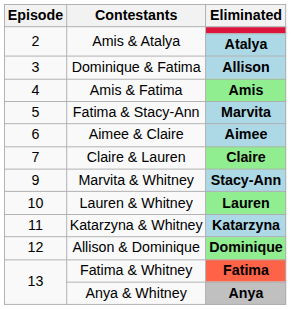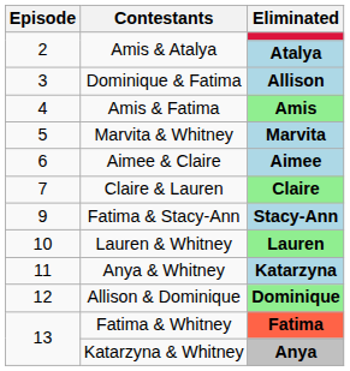 <table class="wikitable" style="text-align:center;">
 <tr>
 <th>Episode</th>
 <th>Contestants</th>
 <th>Eliminated</th>
 </tr>
 <tr>
 <td rowspan="2">2</td>
 <td rowspan="2">Amis & Atalya</td>
 <td style="background:crimson"><strong></strong></td>
 </tr>
 <tr>
 <td style="background:lightblue"><strong>Atalya</strong></td>
 </tr>
 <tr>
 <td>3</td>
 <td>Dominique & Fatima</td>
 <td style="background:lightblue"><strong>Allison</strong></td>
 </tr>
 <tr>
 <td>4</td>
 <td>Amis & Fatima</td>
 <td style="background:lightgreen"><strong>Amis</strong></td>
 </tr>
 <tr>
 <td>5</td>
-<td>Fatima & Stacy-Ann</td>
+<td>Marvita & Whitney</td>
 <td style="background:lightblue"><strong>Marvita</strong></td>
 </tr>
 <tr>
 <td>6</td>
 <td>Aimee & Claire</td>
 <td style="background:lightblue"><strong>Aimee</strong></td>
 </tr>
 <tr>
 <td>7</td>
 <td>Claire & Lauren</td>
 <td style="background:lightgreen"><strong>Claire</strong></td>
 </tr>
 <tr>
 <td>9</td>
-<td>Marvita & Whitney</td>
+<td>Fatima & Stacy-Ann</td>
 <td style="background:lightblue"><strong>Stacy-Ann</strong></td>
 </tr>
 <tr>
 <td>10</td>
 <td>Lauren & Whitney</td>
 <td style="background:lightgreen"><strong>Lauren</strong></td>
 </tr>
 <tr>
 <td>11</td>
-<td>Katarzyna & Whitney</td>
+<td>Anya & Whitney</td>
 <td style="background:lightblue"><strong>Katarzyna</strong></td>
 </tr>
 <tr>
 <td>12</td>
 <td>Allison & Dominique</td>
 <td style="background:lightgreen"><strong>Dominique</strong></td>
 </tr>
 <tr>
 <td rowspan="2">13</td>
 <td>Fatima & Whitney</td>
 <td style="background:tomato"><strong>Fatima</strong></td>
 </tr>
 <tr>
-<td>Anya & Whitney</td>
+<td>Katarzyna & Whitney</td>
 <td style="background:silver"><strong>Anya</strong></td>
 </tr>
 </table>
